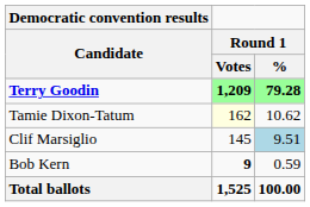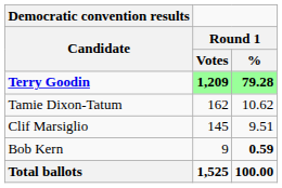 <table class="wikitable">
 <tr>
 <th>Democratic convention results</th>
 </tr>
 <tr>
 <th rowspan=2>Candidate</th>
 <th colspan=4>Round 1</th>
 </tr>
 <tr>
 <th>Votes</th>
 <th>%</th>
 </tr>
 <tr>
 <td><strong><a href='#'>Terry Goodin</a></strong></td>
 <td style="text-align:right; background: #99FF99"><strong>1,209</strong></td>
 <td style="text-align:right; background: #99FF99"><strong>79.28</strong></td>
 </tr>
 <tr>
 <td>Tamie Dixon-Tatum</td>
-<td style="background: lightyellow; text-align:right;">162</td>
+<td style="text-align:right;">162</td>
 <td style="text-align:right;">10.62</td>
 </tr>
 <tr>
 <td>Clif Marsiglio</td>
 <td style="text-align:right;">145</td>
-<td style="background: lightblue; text-align:right;">9.51</td>
+<td style="text-align:right;">9.51</td>
 </tr>
 <tr>
 <td>Bob Kern</td>
-<td style="text-align:right;"><strong>9</strong></td>
-<td style="text-align:right;">0.59</td>
+<td style="text-align:right;">9</td>
+<td style="text-align:right;"><strong>0.59</strong></td>
 </tr>
 <tr>
 <th style="text-align:left;">Total ballots</th>
 <td style="text-align:right;"><strong>1,525</strong></td>
 <td style="text-align:right;"><strong>100.00</strong></td>
 </tr>
 </table>
